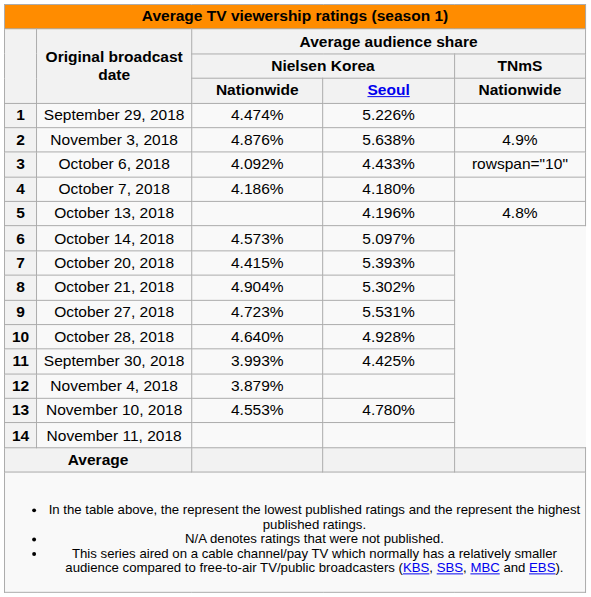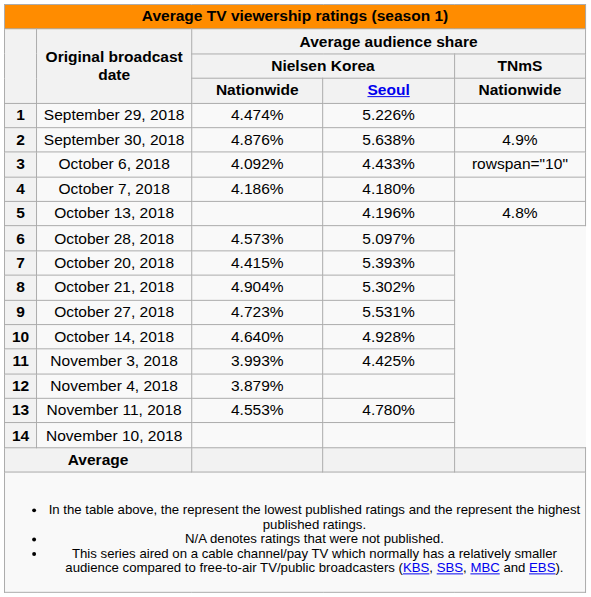 <table class="wikitable mw-collapsible mw-collapsed" style="text-align:center;max-width:600px; margin-left: auto; margin-right: auto; border: none;">
 <tr>
 <th colspan="5" style="background:#FF8C00">Average TV viewership ratings (season 1)</th>
 </tr>
 <tr>
 <th scope="col" rowspan="3"></th>
 <th scope="col" rowspan="3">Original broadcast date</th>
 <th scope="col" colspan="3">Average audience share</th>
 </tr>
 <tr>
 <th scope="col" colspan="2">Nielsen Korea</th>
 <th scope="col">TNmS</th>
 </tr>
 <tr>
 <th scope="col" style="width:8em">Nationwide</th>
 <th scope="col" style="width:8em"><a href='#'>Seoul</a></th>
 <th scope="col" style="width:8em">Nationwide</th>
 </tr>
 <tr>
 <th scope="row">1</th>
 <td>September 29, 2018</td>
 <td>4.474%</td>
 <td>5.226%</td>
 <td><strong></strong></td>
 </tr>
 <tr>
 <th scope="row">2</th>
-<td>November 3, 2018</td>
+<td>September 30, 2018</td>
 <td>4.876%</td>
 <td>5.638%</td>
 <td>4.9%</td>
 </tr>
 <tr>
 <th scope="row">3</th>
 <td>October 6, 2018</td>
 <td>4.092%</td>
 <td>4.433%</td>
 <td>rowspan="10" </td>
 </tr>
 <tr>
 <th scope="row">4</th>
 <td>October 7, 2018</td>
 <td>4.186%</td>
 <td>4.180%</td>
 <td><strong></strong></td>
 </tr>
 <tr>
 <th scope="row">5</th>
 <td>October 13, 2018</td>
 <td><strong></strong></td>
 <td>4.196%</td>
 <td>4.8%</td>
 </tr>
 <tr>
 <th scope="row">6</th>
-<td>October 14, 2018</td>
+<td>October 28, 2018</td>
 <td>4.573%</td>
 <td>5.097%</td>
 </tr>
 <tr>
 <th scope="row">7</th>
 <td>October 20, 2018</td>
 <td>4.415%</td>
 <td>5.393%</td>
 </tr>
 <tr>
 <th scope="row">8</th>
 <td>October 21, 2018</td>
 <td>4.904%</td>
 <td>5.302%</td>
 </tr>
 <tr>
 <th scope="row">9</th>
 <td>October 27, 2018</td>
 <td>4.723%</td>
 <td>5.531%</td>
 </tr>
 <tr>
 <th scope="row">10</th>
-<td>October 28, 2018</td>
+<td>October 14, 2018</td>
 <td>4.640%</td>
 <td>4.928%</td>
 </tr>
 <tr>
 <th scope="row">11</th>
-<td>September 30, 2018</td>
+<td>November 3, 2018</td>
 <td>3.993%</td>
 <td>4.425%</td>
 </tr>
 <tr>
 <th scope="row">12</th>
 <td>November 4, 2018</td>
 <td>3.879%</td>
 <td><strong></strong></td>
 </tr>
 <tr>
 <th scope="row">13</th>
-<td>November 10, 2018</td>
+<td>November 11, 2018</td>
 <td>4.553%</td>
 <td>4.780%</td>
 </tr>
 <tr>
 <th scope="row">14</th>
-<td>November 11, 2018</td>
+<td>November 10, 2018</td>
 <td><strong></strong></td>
 <td><strong></strong></td>
 </tr>
 <tr>
 <th scope="col" colspan="2">Average</th>
 <th scope="col"></th>
 <th scope="col"></th>
 <th scope="col"></th>
 </tr>
 <tr>
 <td colspan="5" style="font-size:85%"><br><ul><li>In the table above, the <strong></strong> represent the lowest published ratings and the <strong></strong> represent the highest published ratings.</li><li>N/A denotes ratings that were not published.</li><li>This series aired on a cable channel/pay TV which normally has a relatively smaller audience compared to free-to-air TV/public broadcasters (<a href='#'>KBS</a>, <a href='#'>SBS</a>, <a href='#'>MBC</a> and <a href='#'>EBS</a>).</li></ul></td>
 </tr>
 </table>
